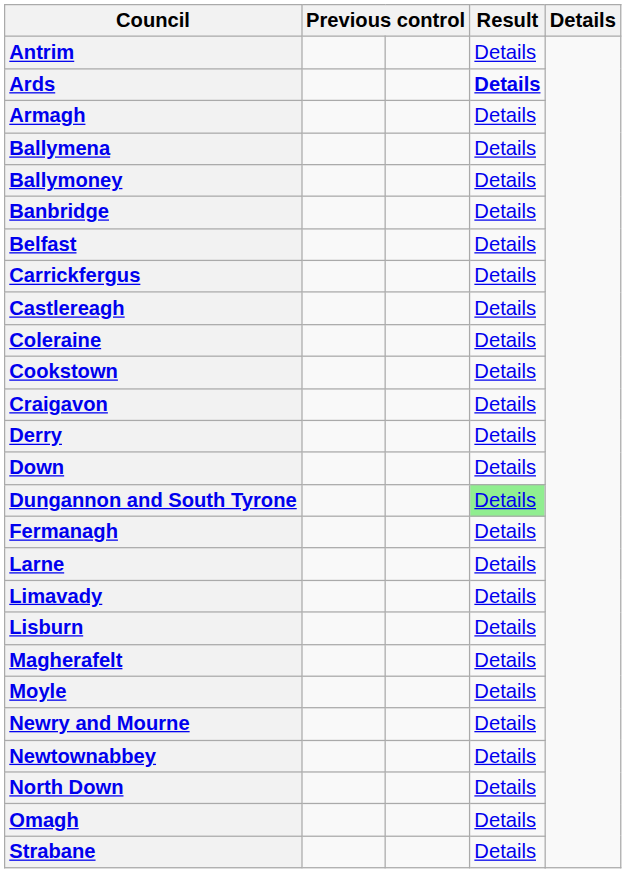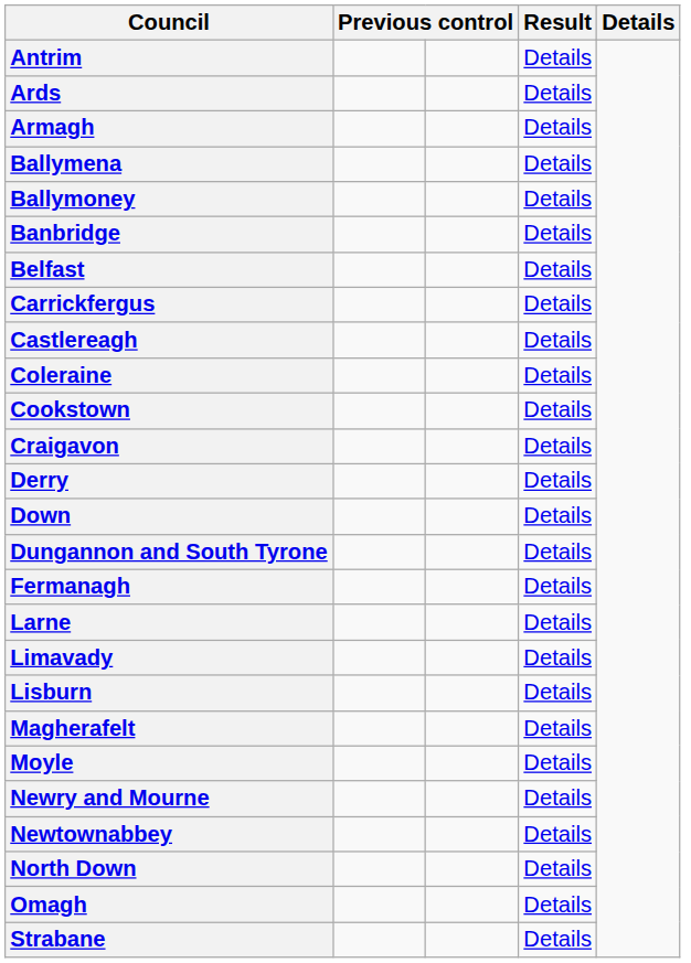 <table class="wikitable sortable">
 <tr>
 <th scope="col">Council</th>
 <th colspan=2>Previous control</th>
 <th colspan=2>Result</th>
 <th class="unsortable" scope="col">Details</th>
 </tr>
 <tr>
 <th scope="row" style="text-align: left;"><a href='#'>Antrim</a></th>
 <td></td>
 <td></td>
 <td><a href='#'>Details</a></td>
 </tr>
 <tr>
 <th scope="row" style="text-align: left;"><a href='#'>Ards</a></th>
 <td></td>
 <td></td>
-<td><strong><a href='#'>Details</a></strong></td>
+<td><a href='#'>Details</a></td>
 </tr>
 <tr>
 <th scope="row" style="text-align: left;"><a href='#'>Armagh</a></th>
 <td></td>
 <td></td>
 <td><a href='#'>Details</a></td>
 </tr>
 <tr>
 <th scope="row" style="text-align: left;"><a href='#'>Ballymena</a></th>
 <td></td>
 <td></td>
 <td><a href='#'>Details</a></td>
 </tr>
 <tr>
 <th scope="row" style="text-align: left;"><a href='#'>Ballymoney</a></th>
 <td></td>
 <td></td>
 <td><a href='#'>Details</a></td>
 </tr>
 <tr>
 <th scope="row" style="text-align: left;"><a href='#'>Banbridge</a></th>
 <td></td>
 <td></td>
 <td><a href='#'>Details</a></td>
 </tr>
 <tr>
 <th scope="row" style="text-align: left;"><a href='#'>Belfast</a></th>
 <td></td>
 <td></td>
 <td><a href='#'>Details</a></td>
 </tr>
 <tr>
 <th scope="row" style="text-align: left;"><a href='#'>Carrickfergus</a></th>
 <td></td>
 <td></td>
 <td><a href='#'>Details</a></td>
 </tr>
 <tr>
 <th scope="row" style="text-align: left;"><a href='#'>Castlereagh</a></th>
 <td></td>
 <td></td>
 <td><a href='#'>Details</a></td>
 </tr>
 <tr>
 <th scope="row" style="text-align: left;"><a href='#'>Coleraine</a></th>
 <td></td>
 <td></td>
 <td><a href='#'>Details</a></td>
 </tr>
 <tr>
 <th scope="row" style="text-align: left;"><a href='#'>Cookstown</a></th>
 <td></td>
 <td></td>
 <td><a href='#'>Details</a></td>
 </tr>
 <tr>
 <th scope="row" style="text-align: left;"><a href='#'>Craigavon</a></th>
 <td></td>
 <td></td>
 <td><a href='#'>Details</a></td>
 </tr>
 <tr>
 <th scope="row" style="text-align: left;"><a href='#'>Derry</a></th>
 <td></td>
 <td></td>
 <td><a href='#'>Details</a></td>
 </tr>
 <tr>
 <th scope="row" style="text-align: left;"><a href='#'>Down</a></th>
 <td></td>
 <td></td>
 <td><a href='#'>Details</a></td>
 </tr>
 <tr>
 <th scope="row" style="text-align: left;"><a href='#'>Dungannon and South Tyrone</a></th>
 <td></td>
 <td></td>
-<td style="background: lightgreen;"><a href='#'>Details</a></td>
+<td><a href='#'>Details</a></td>
 </tr>
 <tr>
 <th scope="row" style="text-align: left;"><a href='#'>Fermanagh</a></th>
 <td></td>
 <td></td>
 <td><a href='#'>Details</a></td>
 </tr>
 <tr>
 <th scope="row" style="text-align: left;"><a href='#'>Larne</a></th>
 <td></td>
 <td></td>
 <td><a href='#'>Details</a></td>
 </tr>
 <tr>
 <th scope="row" style="text-align: left;"><a href='#'>Limavady</a></th>
 <td></td>
 <td></td>
 <td><a href='#'>Details</a></td>
 </tr>
 <tr>
 <th scope="row" style="text-align: left;"><a href='#'>Lisburn</a></th>
 <td></td>
 <td></td>
 <td><a href='#'>Details</a></td>
 </tr>
 <tr>
 <th scope="row" style="text-align: left;"><a href='#'>Magherafelt</a></th>
 <td></td>
 <td></td>
 <td><a href='#'>Details</a></td>
 </tr>
 <tr>
 <th scope="row" style="text-align: left;"><a href='#'>Moyle</a></th>
 <td></td>
 <td></td>
 <td><a href='#'>Details</a></td>
 </tr>
 <tr>
 <th scope="row" style="text-align: left;"><a href='#'>Newry and Mourne</a></th>
 <td></td>
 <td></td>
 <td><a href='#'>Details</a></td>
 </tr>
 <tr>
 <th scope="row" style="text-align: left;"><a href='#'>Newtownabbey</a></th>
 <td></td>
 <td></td>
 <td><a href='#'>Details</a></td>
 </tr>
 <tr>
 <th scope="row" style="text-align: left;"><a href='#'>North Down</a></th>
 <td></td>
 <td></td>
 <td><a href='#'>Details</a></td>
 </tr>
 <tr>
 <th scope="row" style="text-align: left;"><a href='#'>Omagh</a></th>
 <td></td>
 <td></td>
 <td><a href='#'>Details</a></td>
 </tr>
 <tr>
 <th scope="row" style="text-align: left;"><a href='#'>Strabane</a></th>
 <td></td>
 <td></td>
 <td><a href='#'>Details</a></td>
 </tr>
 </table>
